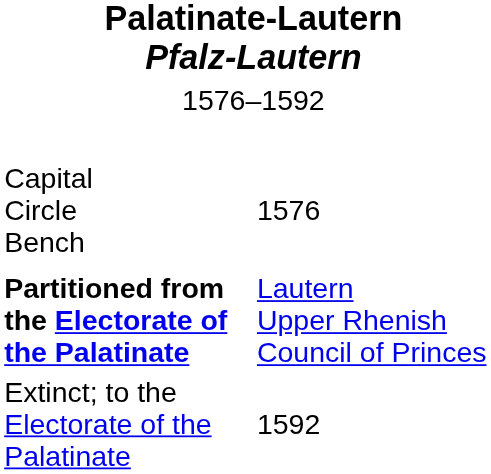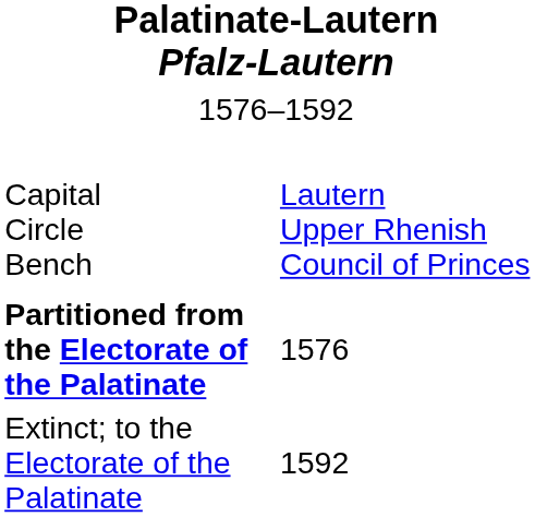 <table align="right" class="toccolours">
 <tr>
 <td colspan=2 align="center"><big><strong>Palatinate-Lautern<br><em>Pfalz-Lautern<strong><em></big></td>
 </tr>
 <tr>
 <td colspan=2 align="center"></strong>1576–1592<strong> <br></td>
 </tr>
 <tr>
 <td><br></td>
 </tr>
 <tr>
 <td width=138px></strong>Capital<br>Circle<br>Bench<strong></td>
-<td>1576</td>
+<td width=138px><a href='#'>Lautern</a><br><a href='#'>Upper Rhenish</a><br><a href='#'>Council of Princes</a></td>
 </tr>
 <tr>
 <td colspan=2 align="center"></td>
 </tr>
 <tr>
 <td><strong>Partitioned from the <a href='#'>Electorate of the Palatinate</a></strong></td>
-<td width=138px><a href='#'>Lautern</a><br><a href='#'>Upper Rhenish</a><br><a href='#'>Council of Princes</a></td>
+<td>1576</td>
 </tr>
 <tr>
 <td>Extinct; to the <a href='#'>Electorate of the Palatinate</a></td>
 <td>1592</td>
 </tr>
 <tr>
 </tr>
 </table>
